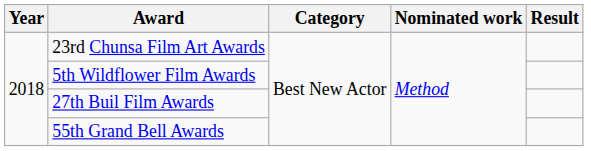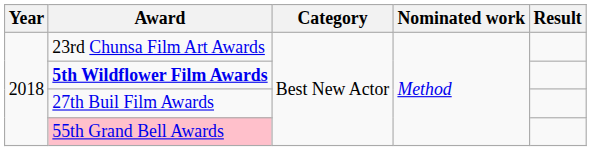 <table class="wikitable">
 <tr>
 <th>Year</th>
 <th>Award</th>
 <th>Category</th>
 <th>Nominated work</th>
 <th>Result</th>
 </tr>
 <tr>
 <td rowspan=4>2018</td>
 <td>23rd <a href='#'>Chunsa Film Art Awards</a></td>
 <td rowspan=4>Best New Actor</td>
 <td rowspan=4><em><a href='#'>Method</a></em></td>
 <td></td>
 </tr>
 <tr>
-<td><a href='#'>5th Wildflower Film Awards</a></td>
+<td><strong><a href='#'>5th Wildflower Film Awards</a></strong></td>
 <td></td>
 </tr>
 <tr>
 <td><a href='#'>27th Buil Film Awards</a></td>
 <td></td>
 </tr>
 <tr>
-<td><a href='#'>55th Grand Bell Awards</a></td>
+<td style="background: pink;"><a href='#'>55th Grand Bell Awards</a></td>
 <td></td>
 </tr>
 </table>
